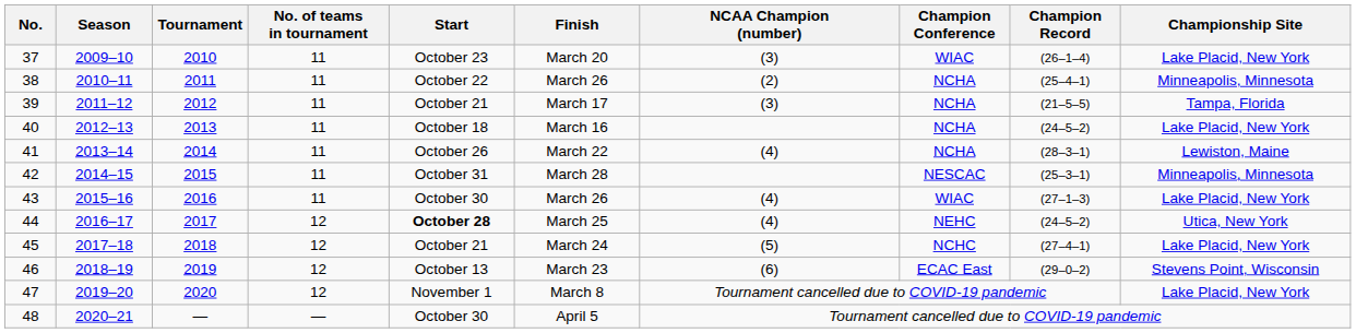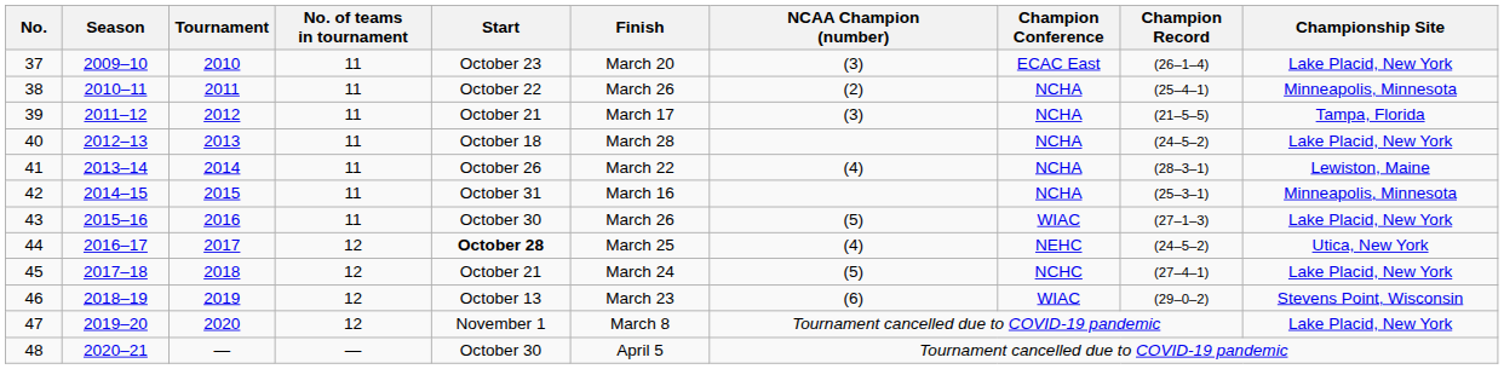 <table class="wikitable">
 <tr>
 <th style="width:3em">No.</th>
 <th style="width:6em">Season</th>
 <th style="width:6em">Tournament</th>
 <th style="width:9em">No. of teams<br>in tournament</th>
 <th style="width:8em">Start</th>
 <th style="width:8em">Finish</th>
 <th style="width:17em">NCAA Champion<br>(number)</th>
 <th style="width:7em">Champion<br>Conference</th>
 <th style="width:7em">Champion<br>Record</th>
 <th style="width:15em">Championship Site</th>
 </tr>
 <tr style="text-align:center;">
 <td>37</td>
 <td><a href='#'>2009–10</a></td>
 <td><a href='#'>2010</a></td>
 <td>11</td>
 <td>October 23</td>
 <td>March 20</td>
 <td [align=center><strong><a href='#'></a></strong> (3)</td>
-<td><a href='#'>WIAC</a></td>
+<td><a href='#'>ECAC East</a></td>
 <td><small>(26–1–4)</small></td>
 <td><a href='#'>Lake Placid, New York</a></td>
 </tr>
 <tr style="text-align:center;">
 <td>38</td>
 <td><a href='#'>2010–11</a></td>
 <td><a href='#'>2011</a></td>
 <td>11</td>
 <td>October 22</td>
 <td>March 26</td>
 <td align=center><strong><a href='#'></a></strong> (2)</td>
 <td><a href='#'>NCHA</a></td>
 <td><small>(25–4–1)</small></td>
 <td><a href='#'>Minneapolis, Minnesota</a></td>
 </tr>
 <tr style="text-align:center;">
 <td>39</td>
 <td><a href='#'>2011–12</a></td>
 <td><a href='#'>2012</a></td>
 <td>11</td>
 <td>October 21</td>
 <td>March 17</td>
 <td align=center><strong><a href='#'></a></strong> (3)</td>
 <td><a href='#'>NCHA</a></td>
 <td><small>(21–5–5)</small></td>
 <td><a href='#'>Tampa, Florida</a></td>
 </tr>
 <tr style="text-align:center;">
 <td>40</td>
 <td><a href='#'>2012–13</a></td>
 <td><a href='#'>2013</a></td>
 <td>11</td>
 <td>October 18</td>
-<td>March 16</td>
+<td>March 28</td>
 <td align=center><strong><a href='#'></a></strong></td>
 <td><a href='#'>NCHA</a></td>
 <td><small>(24–5–2)</small></td>
 <td><a href='#'>Lake Placid, New York</a></td>
 </tr>
 <tr style="text-align:center;">
 <td>41</td>
 <td><a href='#'>2013–14</a></td>
 <td><a href='#'>2014</a></td>
 <td>11</td>
 <td>October 26</td>
 <td>March 22</td>
 <td align=center><strong><a href='#'></a></strong> (4)</td>
 <td><a href='#'>NCHA</a></td>
 <td><small>(28–3–1)</small></td>
 <td><a href='#'>Lewiston, Maine</a></td>
 </tr>
 <tr style="text-align:center;">
 <td>42</td>
 <td><a href='#'>2014–15</a></td>
 <td><a href='#'>2015</a></td>
 <td>11</td>
 <td>October 31</td>
-<td>March 28</td>
+<td>March 16</td>
 <td align=center><strong><a href='#'></a></strong></td>
-<td><a href='#'>NESCAC</a></td>
+<td><a href='#'>NCHA</a></td>
 <td><small>(25–3–1)</small></td>
 <td><a href='#'>Minneapolis, Minnesota</a></td>
 </tr>
 <tr style="text-align:center;">
 <td>43</td>
 <td><a href='#'>2015–16</a></td>
 <td><a href='#'>2016</a></td>
 <td>11</td>
 <td>October 30</td>
 <td>March 26</td>
-<td align=center><strong><a href='#'></a></strong> (4)</td>
+<td align=center><strong><a href='#'></a></strong> (5)</td>
 <td><a href='#'>WIAC</a></td>
 <td><small>(27–1–3)</small></td>
 <td><a href='#'>Lake Placid, New York</a></td>
 </tr>
 <tr style="text-align:center;">
 <td>44</td>
 <td><a href='#'>2016–17</a></td>
 <td><a href='#'>2017</a></td>
 <td>12</td>
 <td><strong>October 28</strong></td>
 <td>March 25</td>
 <td align=center><strong><a href='#'></a></strong> (4)</td>
 <td><a href='#'>NEHC</a></td>
 <td><small>(24–5–2)</small></td>
 <td><a href='#'>Utica, New York</a></td>
 </tr>
 <tr style="text-align:center;">
 <td>45</td>
 <td><a href='#'>2017–18</a></td>
 <td><a href='#'>2018</a></td>
 <td>12</td>
 <td>October 21</td>
 <td>March 24</td>
 <td align=center><strong><a href='#'></a></strong> (5)</td>
 <td><a href='#'>NCHC</a></td>
 <td><small>(27–4–1)</small></td>
 <td><a href='#'>Lake Placid, New York</a></td>
 </tr>
 <tr style="text-align:center;">
 <td>46</td>
 <td><a href='#'>2018–19</a></td>
 <td><a href='#'>2019</a></td>
 <td>12</td>
 <td>October 13</td>
 <td>March 23</td>
 <td align=center><strong><a href='#'></a></strong> (6)</td>
-<td><a href='#'>ECAC East</a></td>
+<td><a href='#'>WIAC</a></td>
 <td><small>(29–0–2)</small></td>
 <td><a href='#'>Stevens Point, Wisconsin</a></td>
 </tr>
 <tr style="text-align:center;">
 <td>47</td>
 <td><a href='#'>2019–20</a></td>
 <td><a href='#'>2020</a></td>
 <td>12</td>
 <td>November 1</td>
 <td>March 8</td>
 <td colspan="3"><em>Tournament cancelled due to <a href='#'>COVID-19 pandemic</a></em></td>
 <td><a href='#'>Lake Placid, New York</a></td>
 </tr>
 <tr style="text-align:center;">
 <td>48</td>
 <td><a href='#'>2020–21</a></td>
 <td>—</td>
 <td>—</td>
 <td>October 30</td>
 <td>April 5</td>
 <td colspan="4"><em>Tournament cancelled due to <a href='#'>COVID-19 pandemic</a></em></td>
 </tr>
 </table>
